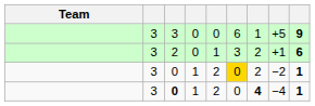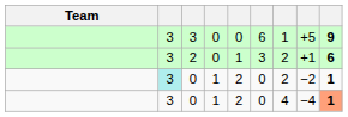 <table class="wikitable" style="text-align: center;">
 <tr>
 <th width="175">Team</th>
 <th width="20"></th>
 <th width="20"></th>
 <th width="20"></th>
 <th width="20"></th>
 <th width="20"></th>
 <th width="20"></th>
 <th width="20"></th>
 <th width="20"></th>
 </tr>
 <tr style="background:#ccffcc;">
 <td align=left></td>
 <td>3</td>
 <td>3</td>
 <td>0</td>
 <td>0</td>
 <td>6</td>
 <td>1</td>
 <td>+5</td>
 <td><strong>9</strong></td>
 </tr>
 <tr style="background:#ccffcc;">
 <td align=left></td>
 <td>3</td>
 <td>2</td>
 <td>0</td>
 <td>1</td>
 <td>3</td>
 <td>2</td>
 <td>+1</td>
 <td><strong>6</strong></td>
 </tr>
 <tr>
 <td align=left></td>
-<td>3</td>
+<td style="background: paleturquoise;">3</td>
 <td>0</td>
 <td>1</td>
 <td>2</td>
-<td style="background: gold;">0</td>
+<td>0</td>
 <td>2</td>
 <td>−2</td>
 <td><strong>1</strong></td>
 </tr>
 <tr>
 <td align=left></td>
 <td>3</td>
-<td><strong>0</strong></td>
+<td>0</td>
 <td>1</td>
 <td>2</td>
 <td>0</td>
-<td><strong>4</strong></td>
+<td>4</td>
 <td>−4</td>
-<td><strong>1</strong></td>
+<td style="background: lightsalmon;"><strong>1</strong></td>
 </tr>
 </table>
